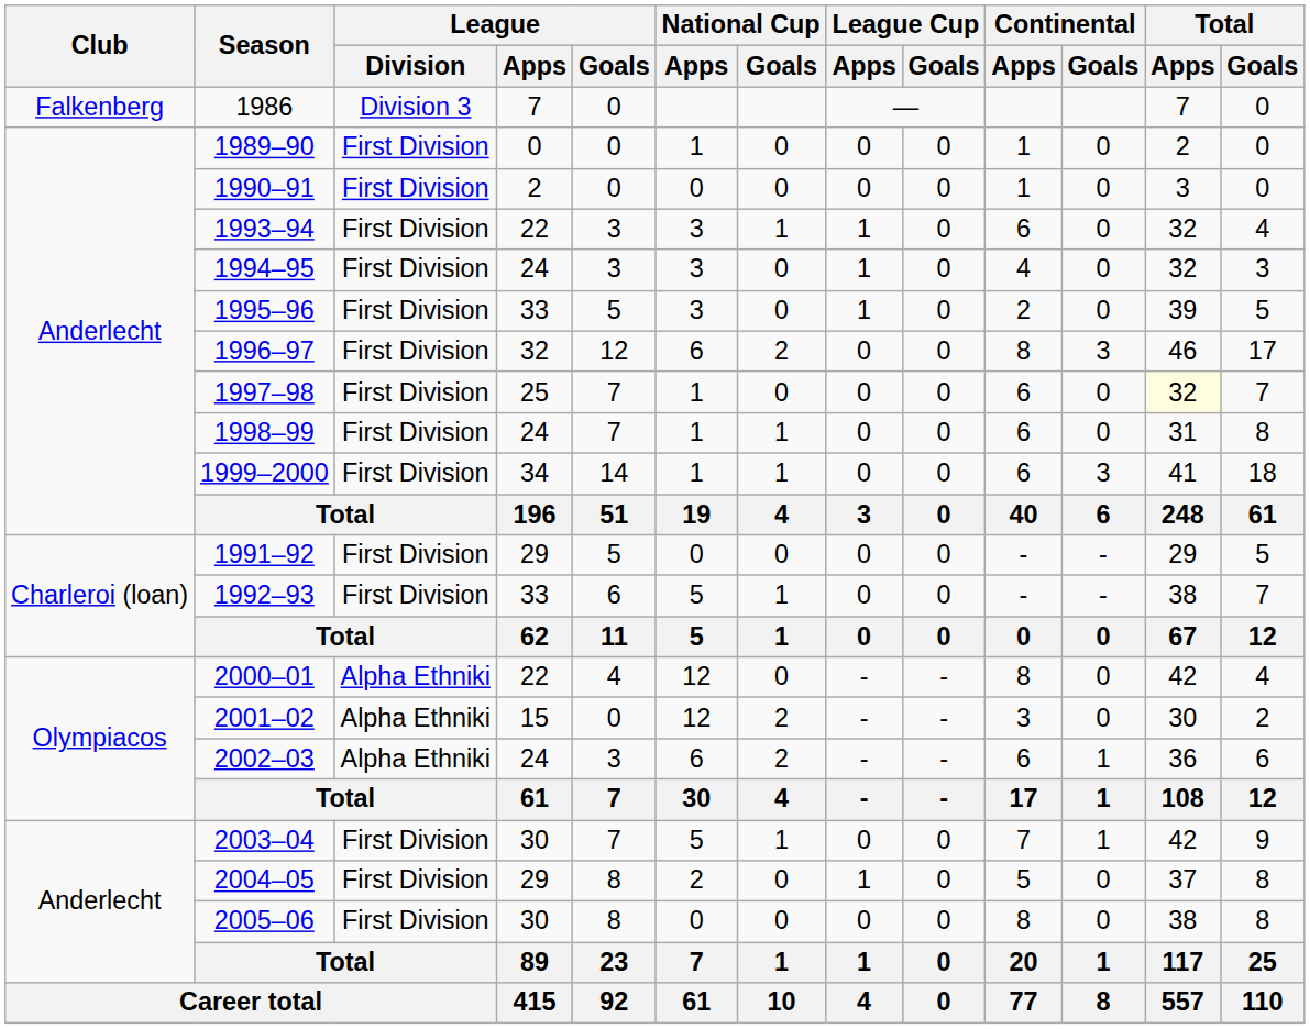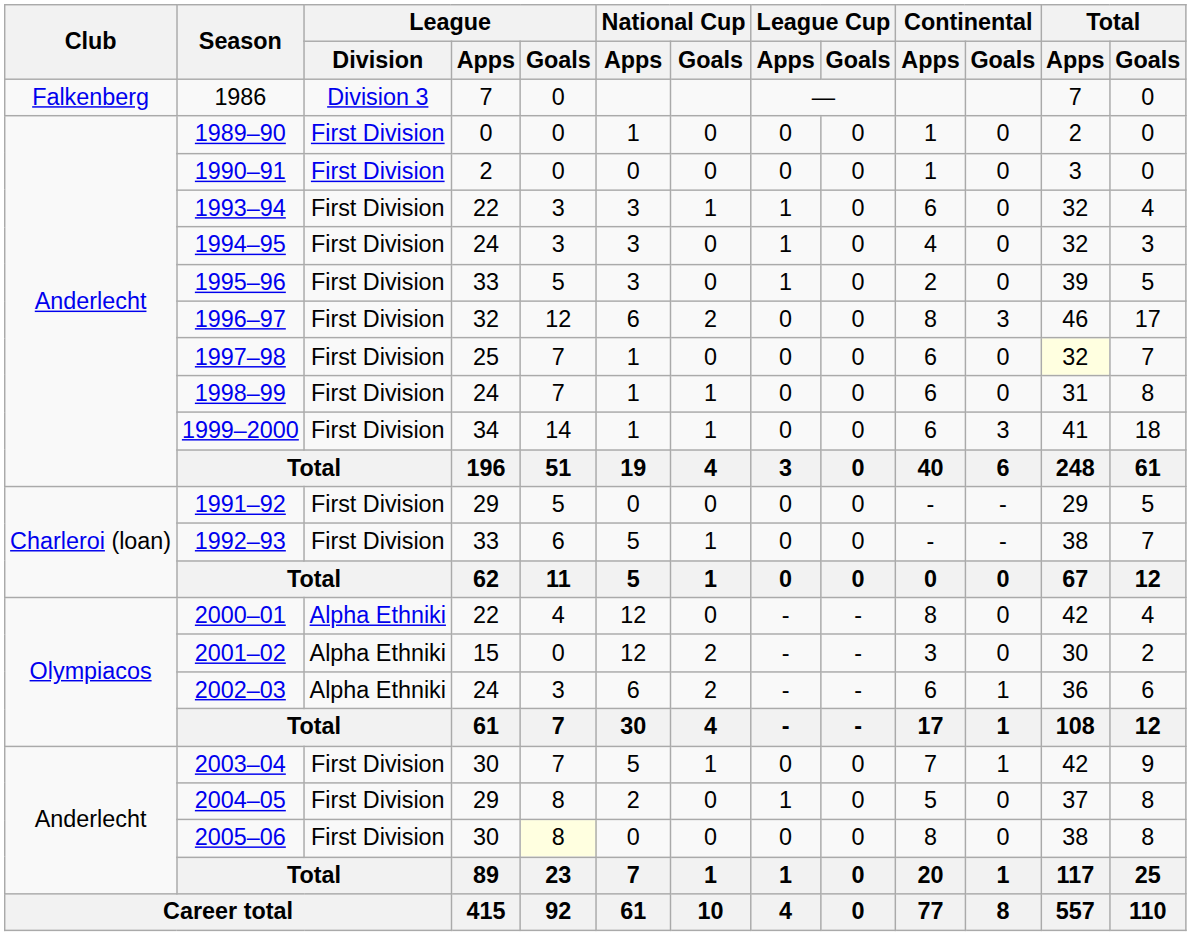 <table class="wikitable" style="text-align:center">
 <tr>
 <th rowspan="2">Club</th>
 <th rowspan="2">Season</th>
 <th colspan="3">League</th>
 <th colspan="2">National Cup</th>
 <th colspan="2">League Cup</th>
 <th colspan="2">Continental</th>
 <th colspan="2">Total</th>
 </tr>
 <tr>
 <th>Division</th>
 <th>Apps</th>
 <th>Goals</th>
 <th>Apps</th>
 <th>Goals</th>
 <th>Apps</th>
 <th>Goals</th>
 <th>Apps</th>
 <th>Goals</th>
 <th>Apps</th>
 <th>Goals</th>
 </tr>
 <tr>
 <td><a href='#'>Falkenberg</a></td>
 <td>1986</td>
 <td><a href='#'>Division 3</a></td>
 <td>7</td>
 <td>0</td>
 <td></td>
 <td></td>
 <td colspan=2>—</td>
 <td></td>
 <td></td>
 <td>7</td>
 <td>0</td>
 </tr>
 <tr>
 <td rowspan="10"><a href='#'>Anderlecht</a></td>
 <td><a href='#'>1989–90</a></td>
 <td><a href='#'>First Division</a></td>
 <td>0</td>
 <td>0</td>
 <td>1</td>
 <td>0</td>
 <td>0</td>
 <td>0</td>
 <td>1</td>
 <td>0</td>
 <td>2</td>
 <td>0</td>
 </tr>
 <tr>
 <td><a href='#'>1990–91</a></td>
 <td><a href='#'>First Division</a></td>
 <td>2</td>
 <td>0</td>
 <td>0</td>
 <td>0</td>
 <td>0</td>
 <td>0</td>
 <td>1</td>
 <td>0</td>
 <td>3</td>
 <td>0</td>
 </tr>
 <tr>
 <td><a href='#'>1993–94</a></td>
 <td>First Division</td>
 <td>22</td>
 <td>3</td>
 <td>3</td>
 <td>1</td>
 <td>1</td>
 <td>0</td>
 <td>6</td>
 <td>0</td>
 <td>32</td>
 <td>4</td>
 </tr>
 <tr>
 <td><a href='#'>1994–95</a></td>
 <td>First Division</td>
 <td>24</td>
 <td>3</td>
 <td>3</td>
 <td>0</td>
 <td>1</td>
 <td>0</td>
 <td>4</td>
 <td>0</td>
 <td>32</td>
 <td>3</td>
 </tr>
 <tr>
 <td><a href='#'>1995–96</a></td>
 <td>First Division</td>
 <td>33</td>
 <td>5</td>
 <td>3</td>
 <td>0</td>
 <td>1</td>
 <td>0</td>
 <td>2</td>
 <td>0</td>
 <td>39</td>
 <td>5</td>
 </tr>
 <tr>
 <td><a href='#'>1996–97</a></td>
 <td>First Division</td>
 <td>32</td>
 <td>12</td>
 <td>6</td>
 <td>2</td>
 <td>0</td>
 <td>0</td>
 <td>8</td>
 <td>3</td>
 <td>46</td>
 <td>17</td>
 </tr>
 <tr>
 <td><a href='#'>1997–98</a></td>
 <td>First Division</td>
 <td>25</td>
 <td>7</td>
 <td>1</td>
 <td>0</td>
 <td>0</td>
 <td>0</td>
 <td>6</td>
 <td>0</td>
 <td style="background: lightyellow;">32</td>
 <td>7</td>
 </tr>
 <tr>
 <td><a href='#'>1998–99</a></td>
 <td>First Division</td>
 <td>24</td>
 <td>7</td>
 <td>1</td>
 <td>1</td>
 <td>0</td>
 <td>0</td>
 <td>6</td>
 <td>0</td>
 <td>31</td>
 <td>8</td>
 </tr>
 <tr>
 <td><a href='#'>1999–2000</a></td>
 <td>First Division</td>
 <td>34</td>
 <td>14</td>
 <td>1</td>
 <td>1</td>
 <td>0</td>
 <td>0</td>
 <td>6</td>
 <td>3</td>
 <td>41</td>
 <td>18</td>
 </tr>
 <tr>
 <th colspan="2">Total</th>
 <th>196</th>
 <th>51</th>
 <th>19</th>
 <th>4</th>
 <th>3</th>
 <th>0</th>
 <th>40</th>
 <th>6</th>
 <th>248</th>
 <th>61</th>
 </tr>
 <tr>
 <td rowspan="3"><a href='#'>Charleroi</a> (loan)</td>
 <td><a href='#'>1991–92</a></td>
 <td>First Division</td>
 <td>29</td>
 <td>5</td>
 <td>0</td>
 <td>0</td>
 <td>0</td>
 <td>0</td>
 <td>-</td>
 <td>-</td>
 <td>29</td>
 <td>5</td>
 </tr>
 <tr>
 <td><a href='#'>1992–93</a></td>
 <td>First Division</td>
 <td>33</td>
 <td>6</td>
 <td>5</td>
 <td>1</td>
 <td>0</td>
 <td>0</td>
 <td>-</td>
 <td>-</td>
 <td>38</td>
 <td>7</td>
 </tr>
 <tr>
 <th colspan="2">Total</th>
 <th>62</th>
 <th>11</th>
 <th>5</th>
 <th>1</th>
 <th>0</th>
 <th>0</th>
 <th>0</th>
 <th>0</th>
 <th>67</th>
 <th>12</th>
 </tr>
 <tr>
 <td rowspan="4"><a href='#'>Olympiacos</a></td>
 <td><a href='#'>2000–01</a></td>
 <td><a href='#'>Alpha Ethniki</a></td>
 <td>22</td>
 <td>4</td>
 <td>12</td>
 <td>0</td>
 <td>-</td>
 <td>-</td>
 <td>8</td>
 <td>0</td>
 <td>42</td>
 <td>4</td>
 </tr>
 <tr>
 <td><a href='#'>2001–02</a></td>
 <td>Alpha Ethniki</td>
 <td>15</td>
 <td>0</td>
 <td>12</td>
 <td>2</td>
 <td>-</td>
 <td>-</td>
 <td>3</td>
 <td>0</td>
 <td>30</td>
 <td>2</td>
 </tr>
 <tr>
 <td><a href='#'>2002–03</a></td>
 <td>Alpha Ethniki</td>
 <td>24</td>
 <td>3</td>
 <td>6</td>
 <td>2</td>
 <td>-</td>
 <td>-</td>
 <td>6</td>
 <td>1</td>
 <td>36</td>
 <td>6</td>
 </tr>
 <tr>
 <th colspan="2">Total</th>
 <th>61</th>
 <th>7</th>
 <th>30</th>
 <th>4</th>
 <th>-</th>
 <th>-</th>
 <th>17</th>
 <th>1</th>
 <th>108</th>
 <th>12</th>
 </tr>
 <tr>
 <td rowspan="4">Anderlecht</td>
 <td><a href='#'>2003–04</a></td>
 <td>First Division</td>
 <td>30</td>
 <td>7</td>
 <td>5</td>
 <td>1</td>
 <td>0</td>
 <td>0</td>
 <td>7</td>
 <td>1</td>
 <td>42</td>
 <td>9</td>
 </tr>
 <tr>
 <td><a href='#'>2004–05</a></td>
 <td>First Division</td>
 <td>29</td>
 <td>8</td>
 <td>2</td>
 <td>0</td>
 <td>1</td>
 <td>0</td>
 <td>5</td>
 <td>0</td>
 <td>37</td>
 <td>8</td>
 </tr>
 <tr>
 <td><a href='#'>2005–06</a></td>
 <td>First Division</td>
 <td>30</td>
-<td>8</td>
+<td style="background: lightyellow;">8</td>
 <td>0</td>
 <td>0</td>
 <td>0</td>
 <td>0</td>
 <td>8</td>
 <td>0</td>
 <td>38</td>
 <td>8</td>
 </tr>
 <tr>
 <th colspan="2">Total</th>
 <th>89</th>
 <th>23</th>
 <th>7</th>
 <th>1</th>
 <th>1</th>
 <th>0</th>
 <th>20</th>
 <th>1</th>
 <th>117</th>
 <th>25</th>
 </tr>
 <tr>
 <th colspan="3">Career total</th>
 <th>415</th>
 <th>92</th>
 <th>61</th>
 <th>10</th>
 <th>4</th>
 <th>0</th>
 <th>77</th>
 <th>8</th>
 <th>557</th>
 <th>110</th>
 </tr>
 </table>
